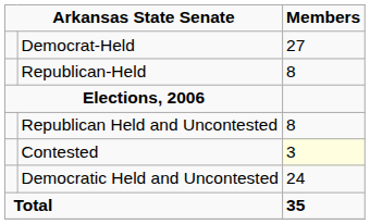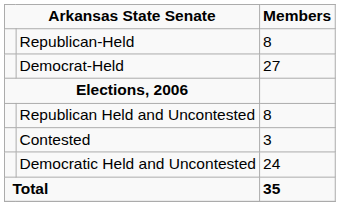 <table class="wikitable">
 <tr>
 <td colspan="2" rowspan="1" align="center" valign="top"><strong>Arkansas State Senate</strong></td>
 <td style="vertical-align:top;"><strong>Members</strong><br></td>
 </tr>
 <tr>
 <td style="background-color:"> </td>
-<td>Democrat-Held</td>
-<td>27</td>
+<td>Republican-Held</td>
+<td>8</td>
 </tr>
 <tr>
 <td style="background-color:"> </td>
-<td>Republican-Held</td>
-<td>8</td>
+<td>Democrat-Held</td>
+<td>27</td>
 </tr>
 <tr>
 <td colspan="2" rowspan="1" align="center"><strong>Elections, 2006</strong></td>
 </tr>
 <tr>
 <td style="background-color:"> </td>
 <td>Republican Held and Uncontested</td>
 <td>8</td>
 </tr>
 <tr>
 <td style="background-color:"> </td>
 <td>Contested</td>
-<td style="background: lightyellow;">3</td>
+<td>3</td>
 </tr>
 <tr>
 <td style="background-color:"> </td>
 <td>Democratic Held and Uncontested</td>
 <td>24</td>
 </tr>
 <tr>
 <td colspan="2" rowspan="1"> <strong>Total</strong><br></td>
 <td><strong>35</strong></td>
 </tr>
 <tr>
 </tr>
 </table>
